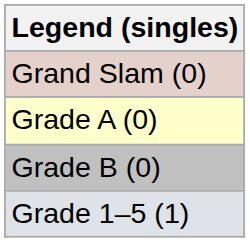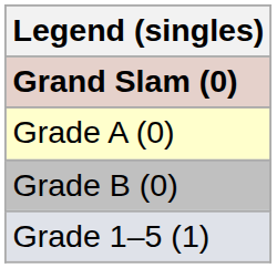 <table class=wikitable style=font-size:97%>
 <tr>
 <th>Legend (singles)</th>
 </tr>
 <tr bgcolor=e5d1cb>
-<td>Grand Slam (0)</td>
+<td><strong>Grand Slam (0)</strong></td>
 </tr>
 <tr bgcolor=ffffcc>
 <td>Grade A (0)</td>
 </tr>
 <tr bgcolor=silver>
 <td>Grade B (0)</td>
 </tr>
 <tr bgcolor=dfe2e9>
 <td>Grade 1–5 (1)</td>
 </tr>
 </table>
